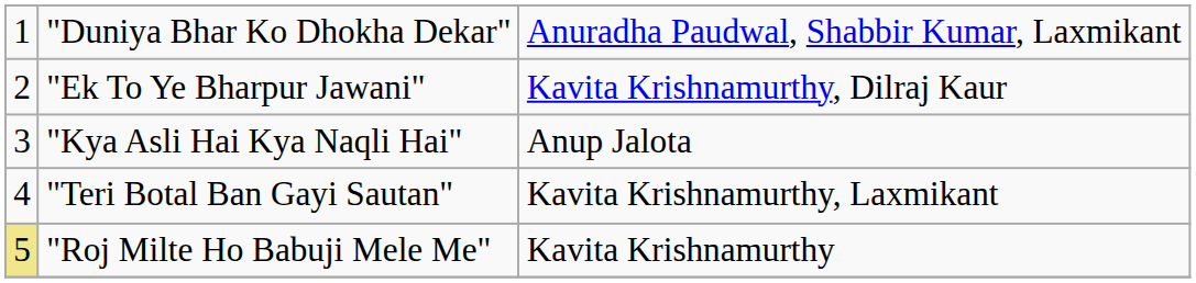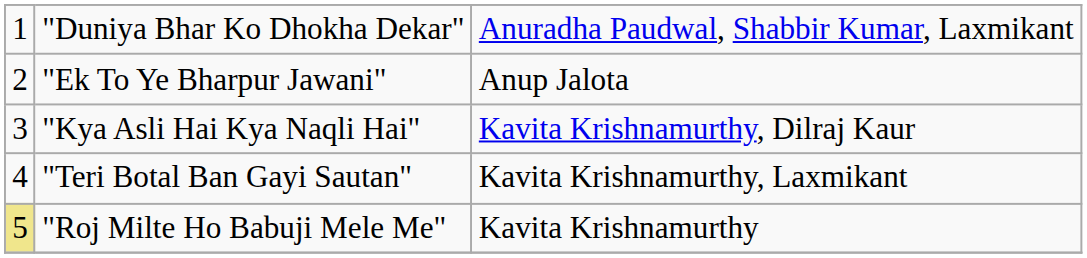 <table class="wikitable">
 <tr>
 <td>1</td>
 <td>"Duniya Bhar Ko Dhokha Dekar"</td>
 <td><a href='#'>Anuradha Paudwal</a>, <a href='#'>Shabbir Kumar</a>, Laxmikant</td>
 </tr>
 <tr>
 <td>2</td>
 <td>"Ek To Ye Bharpur Jawani"</td>
-<td><a href='#'>Kavita Krishnamurthy</a>, Dilraj Kaur</td>
+<td>Anup Jalota</td>
 </tr>
 <tr>
 <td>3</td>
 <td>"Kya Asli Hai Kya Naqli Hai"</td>
-<td>Anup Jalota</td>
+<td><a href='#'>Kavita Krishnamurthy</a>, Dilraj Kaur</td>
 </tr>
 <tr>
 <td>4</td>
 <td>"Teri Botal Ban Gayi Sautan"</td>
 <td>Kavita Krishnamurthy, Laxmikant</td>
 </tr>
 <tr>
 <td style="background: khaki;">5</td>
 <td>"Roj Milte Ho Babuji Mele Me"</td>
 <td>Kavita Krishnamurthy</td>
 </tr>
 <tr>
 </tr>
 </table>
